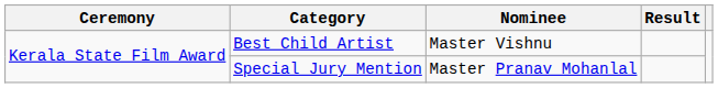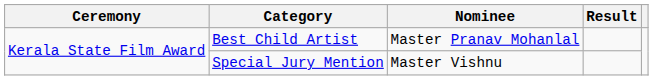 <table class="wikitable">
 <tr>
 <th>Ceremony</th>
 <th>Category</th>
 <th>Nominee</th>
 <th>Result</th>
 <th></th>
 </tr>
 <tr>
 <td rowspan="2"><a href='#'>Kerala State Film Award</a></td>
 <td><a href='#'>Best Child Artist</a></td>
-<td>Master Vishnu</td>
+<td>Master <a href='#'>Pranav Mohanlal</a></td>
 <td></td>
 <td rowspan="2"></td>
 </tr>
 <tr>
 <td><a href='#'>Special Jury Mention</a></td>
-<td>Master <a href='#'>Pranav Mohanlal</a></td>
+<td>Master Vishnu</td>
 <td></td>
 </tr>
 </table>
